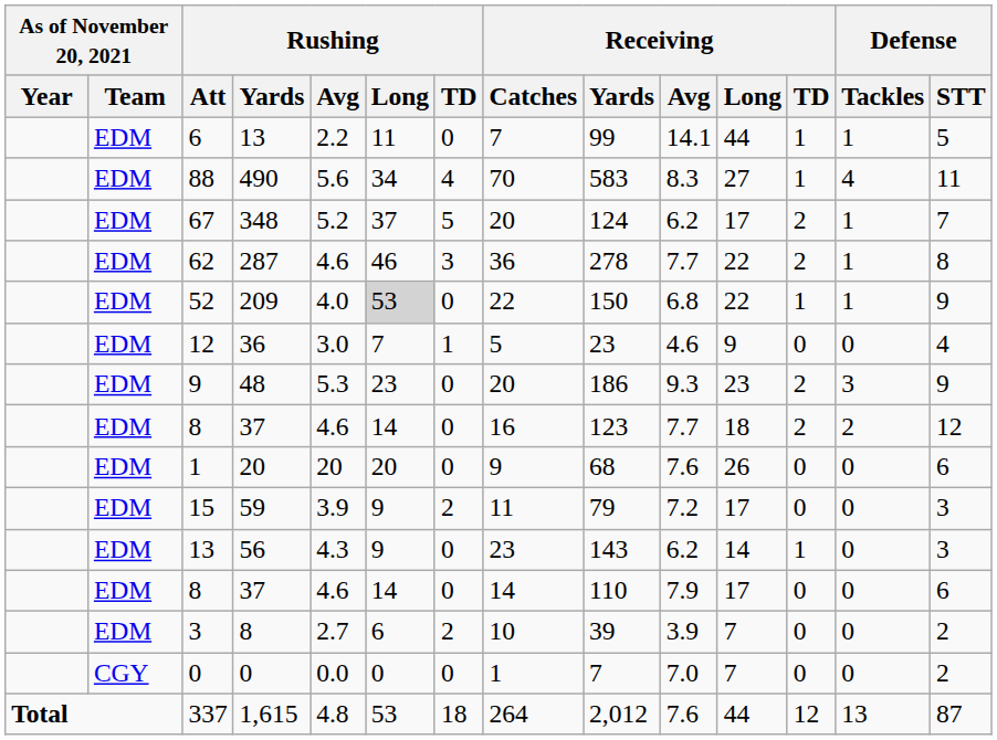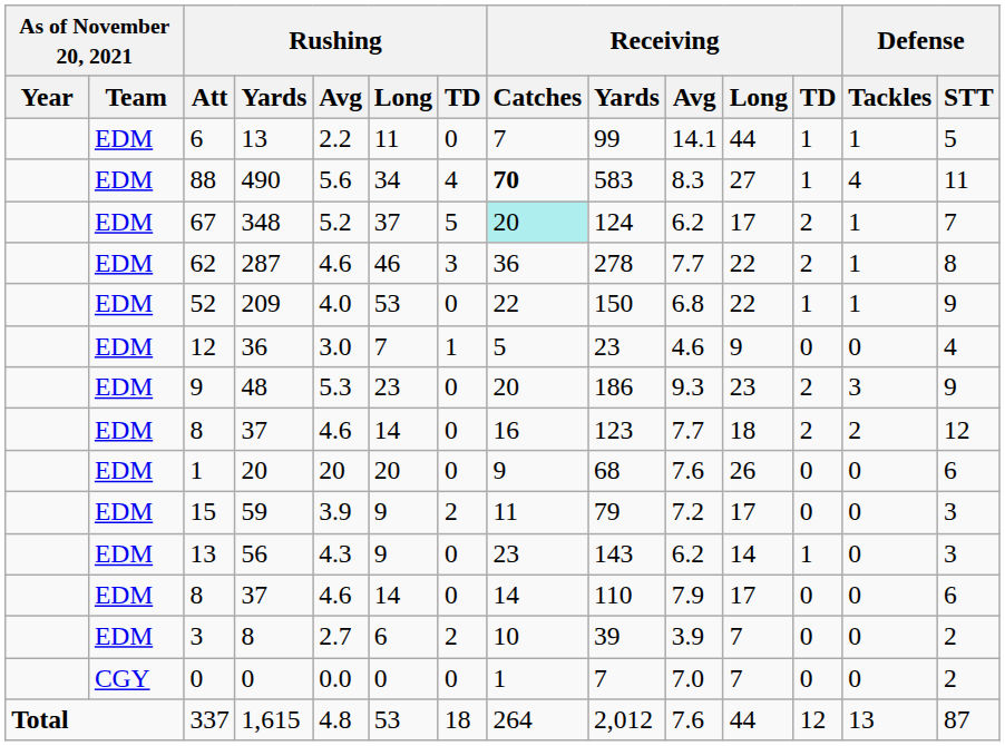 <table class="wikitable">
 <tr>
 <th colspan=2><small>As of November 20, 2021</small></th>
 <th colspan=5>Rushing</th>
 <th colspan=5>Receiving</th>
 <th colspan=2>Defense</th>
 </tr>
 <tr>
 <th>Year</th>
 <th>Team</th>
 <th>Att</th>
 <th>Yards</th>
 <th>Avg</th>
 <th>Long</th>
 <th>TD</th>
 <th>Catches</th>
 <th>Yards</th>
 <th>Avg</th>
 <th>Long</th>
 <th>TD</th>
 <th>Tackles</th>
 <th>STT</th>
 </tr>
 <tr>
 <td></td>
 <td><a href='#'>EDM</a></td>
 <td>6</td>
 <td>13</td>
 <td>2.2</td>
 <td>11</td>
 <td>0</td>
 <td>7</td>
 <td>99</td>
 <td>14.1</td>
 <td>44</td>
 <td>1</td>
 <td>1</td>
 <td>5</td>
 </tr>
 <tr>
 <td></td>
 <td><a href='#'>EDM</a></td>
 <td>88</td>
 <td>490</td>
 <td>5.6</td>
 <td>34</td>
 <td>4</td>
-<td>70</td>
+<td><strong>70</strong></td>
 <td>583</td>
 <td>8.3</td>
 <td>27</td>
 <td>1</td>
 <td>4</td>
 <td>11</td>
 </tr>
 <tr>
 <td></td>
 <td><a href='#'>EDM</a></td>
 <td>67</td>
 <td>348</td>
 <td>5.2</td>
 <td>37</td>
 <td>5</td>
-<td>20</td>
+<td style="background: paleturquoise;">20</td>
 <td>124</td>
 <td>6.2</td>
 <td>17</td>
 <td>2</td>
 <td>1</td>
 <td>7</td>
 </tr>
 <tr>
 <td></td>
 <td><a href='#'>EDM</a></td>
 <td>62</td>
 <td>287</td>
 <td>4.6</td>
 <td>46</td>
 <td>3</td>
 <td>36</td>
 <td>278</td>
 <td>7.7</td>
 <td>22</td>
 <td>2</td>
 <td>1</td>
 <td>8</td>
 </tr>
 <tr>
 <td></td>
 <td><a href='#'>EDM</a></td>
 <td>52</td>
 <td>209</td>
 <td>4.0</td>
-<td style="background: lightgrey;">53</td>
+<td>53</td>
 <td>0</td>
 <td>22</td>
 <td>150</td>
 <td>6.8</td>
 <td>22</td>
 <td>1</td>
 <td>1</td>
 <td>9</td>
 </tr>
 <tr>
 <td></td>
 <td><a href='#'>EDM</a></td>
 <td>12</td>
 <td>36</td>
 <td>3.0</td>
 <td>7</td>
 <td>1</td>
 <td>5</td>
 <td>23</td>
 <td>4.6</td>
 <td>9</td>
 <td>0</td>
 <td>0</td>
 <td>4</td>
 </tr>
 <tr>
 <td></td>
 <td><a href='#'>EDM</a></td>
 <td>9</td>
 <td>48</td>
 <td>5.3</td>
 <td>23</td>
 <td>0</td>
 <td>20</td>
 <td>186</td>
 <td>9.3</td>
 <td>23</td>
 <td>2</td>
 <td>3</td>
 <td>9</td>
 </tr>
 <tr>
 <td></td>
 <td><a href='#'>EDM</a></td>
 <td>8</td>
 <td>37</td>
 <td>4.6</td>
 <td>14</td>
 <td>0</td>
 <td>16</td>
 <td>123</td>
 <td>7.7</td>
 <td>18</td>
 <td>2</td>
 <td>2</td>
 <td>12</td>
 </tr>
 <tr>
 <td></td>
 <td><a href='#'>EDM</a></td>
 <td>1</td>
 <td>20</td>
 <td>20</td>
 <td>20</td>
 <td>0</td>
 <td>9</td>
 <td>68</td>
 <td>7.6</td>
 <td>26</td>
 <td>0</td>
 <td>0</td>
 <td>6</td>
 </tr>
 <tr>
 <td></td>
 <td><a href='#'>EDM</a></td>
 <td>15</td>
 <td>59</td>
 <td>3.9</td>
 <td>9</td>
 <td>2</td>
 <td>11</td>
 <td>79</td>
 <td>7.2</td>
 <td>17</td>
 <td>0</td>
 <td>0</td>
 <td>3</td>
 </tr>
 <tr>
 <td></td>
 <td><a href='#'>EDM</a></td>
 <td>13</td>
 <td>56</td>
 <td>4.3</td>
 <td>9</td>
 <td>0</td>
 <td>23</td>
 <td>143</td>
 <td>6.2</td>
 <td>14</td>
 <td>1</td>
 <td>0</td>
 <td>3</td>
 </tr>
 <tr>
 <td></td>
 <td><a href='#'>EDM</a></td>
 <td>8</td>
 <td>37</td>
 <td>4.6</td>
 <td>14</td>
 <td>0</td>
 <td>14</td>
 <td>110</td>
 <td>7.9</td>
 <td>17</td>
 <td>0</td>
 <td>0</td>
 <td>6</td>
 </tr>
 <tr>
 <td></td>
 <td><a href='#'>EDM</a></td>
 <td>3</td>
 <td>8</td>
 <td>2.7</td>
 <td>6</td>
 <td>2</td>
 <td>10</td>
 <td>39</td>
 <td>3.9</td>
 <td>7</td>
 <td>0</td>
 <td>0</td>
 <td>2</td>
 </tr>
 <tr>
 <td></td>
 <td><a href='#'>CGY</a></td>
 <td>0</td>
 <td>0</td>
 <td>0.0</td>
 <td>0</td>
 <td>0</td>
 <td>1</td>
 <td>7</td>
 <td>7.0</td>
 <td>7</td>
 <td>0</td>
 <td>0</td>
 <td>2</td>
 </tr>
 <tr>
 <td colspan=2><strong>Total</strong></td>
 <td>337</td>
 <td>1,615</td>
 <td>4.8</td>
 <td>53</td>
 <td>18</td>
 <td>264</td>
 <td>2,012</td>
 <td>7.6</td>
 <td>44</td>
 <td>12</td>
 <td>13</td>
 <td>87</td>
 </tr>
 </table>
